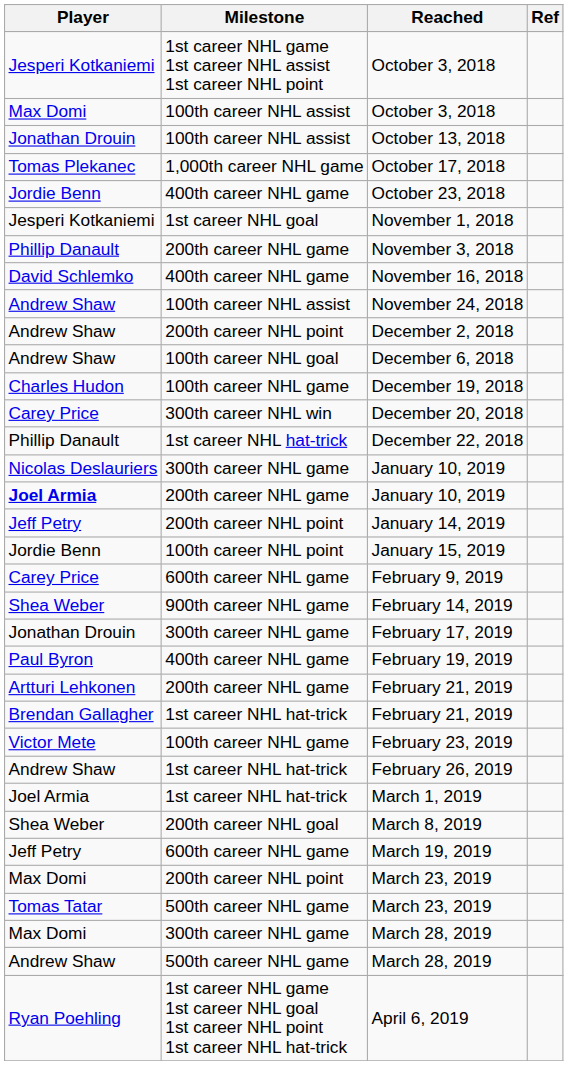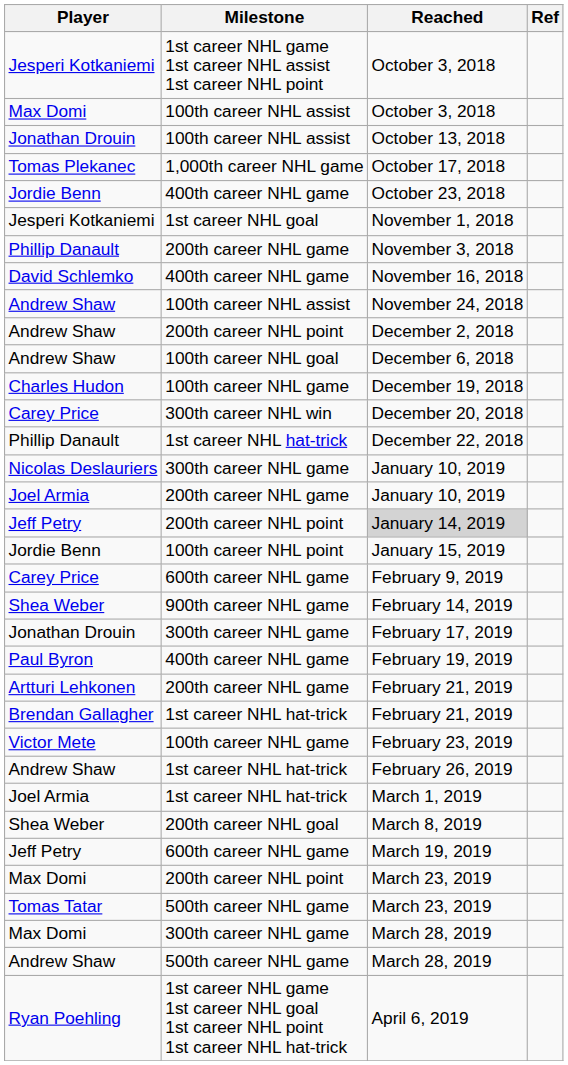 <table class="wikitable">
 <tr>
 <th>Player</th>
 <th>Milestone</th>
 <th>Reached</th>
 <th>Ref</th>
 </tr>
 <tr>
 <td><a href='#'>Jesperi Kotkaniemi</a></td>
 <td>1st career NHL game<br>1st career NHL assist<br>1st career NHL point</td>
 <td>October 3, 2018</td>
 <td></td>
 </tr>
 <tr>
 <td><a href='#'>Max Domi</a></td>
 <td>100th career NHL assist</td>
 <td>October 3, 2018</td>
 <td></td>
 </tr>
 <tr>
 <td><a href='#'>Jonathan Drouin</a></td>
 <td>100th career NHL assist</td>
 <td>October 13, 2018</td>
 <td></td>
 </tr>
 <tr>
 <td><a href='#'>Tomas Plekanec</a></td>
 <td>1,000th career NHL game</td>
 <td>October 17, 2018</td>
 <td></td>
 </tr>
 <tr>
 <td><a href='#'>Jordie Benn</a></td>
 <td>400th career NHL game</td>
 <td>October 23, 2018</td>
 <td></td>
 </tr>
 <tr>
 <td>Jesperi Kotkaniemi</td>
 <td>1st career NHL goal</td>
 <td>November 1, 2018</td>
 <td></td>
 </tr>
 <tr>
 <td><a href='#'>Phillip Danault</a></td>
 <td>200th career NHL game</td>
 <td>November 3, 2018</td>
 <td></td>
 </tr>
 <tr>
 <td><a href='#'>David Schlemko</a></td>
 <td>400th career NHL game</td>
 <td>November 16, 2018</td>
 <td></td>
 </tr>
 <tr>
 <td><a href='#'>Andrew Shaw</a></td>
 <td>100th career NHL assist</td>
 <td>November 24, 2018</td>
 <td></td>
 </tr>
 <tr>
 <td>Andrew Shaw</td>
 <td>200th career NHL point</td>
 <td>December 2, 2018</td>
 <td></td>
 </tr>
 <tr>
 <td>Andrew Shaw</td>
 <td>100th career NHL goal</td>
 <td>December 6, 2018</td>
 <td></td>
 </tr>
 <tr>
 <td><a href='#'>Charles Hudon</a></td>
 <td>100th career NHL game</td>
 <td>December 19, 2018</td>
 <td></td>
 </tr>
 <tr>
 <td><a href='#'>Carey Price</a></td>
 <td>300th career NHL win</td>
 <td>December 20, 2018</td>
 <td></td>
 </tr>
 <tr>
 <td>Phillip Danault</td>
 <td>1st career NHL <a href='#'>hat-trick</a></td>
 <td>December 22, 2018</td>
 <td></td>
 </tr>
 <tr>
 <td><a href='#'>Nicolas Deslauriers</a></td>
 <td>300th career NHL game</td>
 <td>January 10, 2019</td>
 <td></td>
 </tr>
 <tr>
-<td><strong><a href='#'>Joel Armia</a></strong></td>
+<td><a href='#'>Joel Armia</a></td>
 <td>200th career NHL game</td>
 <td>January 10, 2019</td>
 <td></td>
 </tr>
 <tr>
 <td><a href='#'>Jeff Petry</a></td>
 <td>200th career NHL point</td>
-<td>January 14, 2019</td>
+<td style="background: lightgrey;">January 14, 2019</td>
 <td></td>
 </tr>
 <tr>
 <td>Jordie Benn</td>
 <td>100th career NHL point</td>
 <td>January 15, 2019</td>
 <td></td>
 </tr>
 <tr>
 <td><a href='#'>Carey Price</a></td>
 <td>600th career NHL game</td>
 <td>February 9, 2019</td>
 <td></td>
 </tr>
 <tr>
 <td><a href='#'>Shea Weber</a></td>
 <td>900th career NHL game</td>
 <td>February 14, 2019</td>
 <td></td>
 </tr>
 <tr>
 <td>Jonathan Drouin</td>
 <td>300th career NHL game</td>
 <td>February 17, 2019</td>
 <td></td>
 </tr>
 <tr>
 <td><a href='#'>Paul Byron</a></td>
 <td>400th career NHL game</td>
 <td>February 19, 2019</td>
 <td></td>
 </tr>
 <tr>
 <td><a href='#'>Artturi Lehkonen</a></td>
 <td>200th career NHL game</td>
 <td>February 21, 2019</td>
 <td></td>
 </tr>
 <tr>
 <td><a href='#'>Brendan Gallagher</a></td>
 <td>1st career NHL hat-trick</td>
 <td>February 21, 2019</td>
 <td></td>
 </tr>
 <tr>
 <td><a href='#'>Victor Mete</a></td>
 <td>100th career NHL game</td>
 <td>February 23, 2019</td>
 <td></td>
 </tr>
 <tr>
 <td>Andrew Shaw</td>
 <td>1st career NHL hat-trick</td>
 <td>February 26, 2019</td>
 <td></td>
 </tr>
 <tr>
 <td>Joel Armia</td>
 <td>1st career NHL hat-trick</td>
 <td>March 1, 2019</td>
 <td></td>
 </tr>
 <tr>
 <td>Shea Weber</td>
 <td>200th career NHL goal</td>
 <td>March 8, 2019</td>
 <td></td>
 </tr>
 <tr>
 <td>Jeff Petry</td>
 <td>600th career NHL game</td>
 <td>March 19, 2019</td>
 <td></td>
 </tr>
 <tr>
 <td>Max Domi</td>
 <td>200th career NHL point</td>
 <td>March 23, 2019</td>
 <td></td>
 </tr>
 <tr>
 <td><a href='#'>Tomas Tatar</a></td>
 <td>500th career NHL game</td>
 <td>March 23, 2019</td>
 <td></td>
 </tr>
 <tr>
 <td>Max Domi</td>
 <td>300th career NHL game</td>
 <td>March 28, 2019</td>
 <td></td>
 </tr>
 <tr>
 <td>Andrew Shaw</td>
 <td>500th career NHL game</td>
 <td>March 28, 2019</td>
 <td></td>
 </tr>
 <tr>
 <td><a href='#'>Ryan Poehling</a></td>
 <td>1st career NHL game<br>1st career NHL goal<br>1st career NHL point<br>1st career NHL hat-trick</td>
 <td>April 6, 2019</td>
 <td></td>
 </tr>
 </table>
